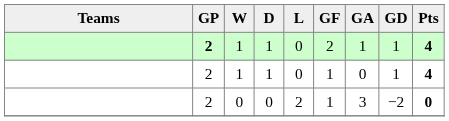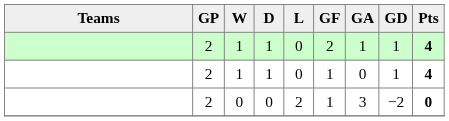 <table style=border-collapse:collapse border=1 cellspacing=0 cellpadding=5>
 <tr align=center bgcolor=#efefef>
 <th width=185>Teams</th>
 <th width=20>GP</th>
 <th width=20>W</th>
 <th width=20>D</th>
 <th width=20>L</th>
 <th width=20>GF</th>
 <th width=20>GA</th>
 <th width=20>GD</th>
 <th width=20>Pts</th>
 </tr>
 <tr align=center style="background:#ccffcc;">
 <td style="text-align:left;"></td>
-<td><strong>2</strong></td>
+<td>2</td>
 <td>1</td>
 <td>1</td>
 <td>0</td>
 <td>2</td>
 <td>1</td>
 <td>1</td>
 <td><strong>4</strong></td>
 </tr>
 <tr align=center>
 <td style="text-align:left;"></td>
 <td>2</td>
 <td>1</td>
 <td>1</td>
 <td>0</td>
 <td>1</td>
 <td>0</td>
 <td>1</td>
 <td><strong>4</strong></td>
 </tr>
 <tr align=center>
 <td style="text-align:left;"></td>
 <td>2</td>
 <td>0</td>
 <td>0</td>
 <td>2</td>
 <td>1</td>
 <td>3</td>
 <td>−2</td>
 <td><strong>0</strong></td>
 </tr>
 <tr align=center>
 </tr>
 </table>
